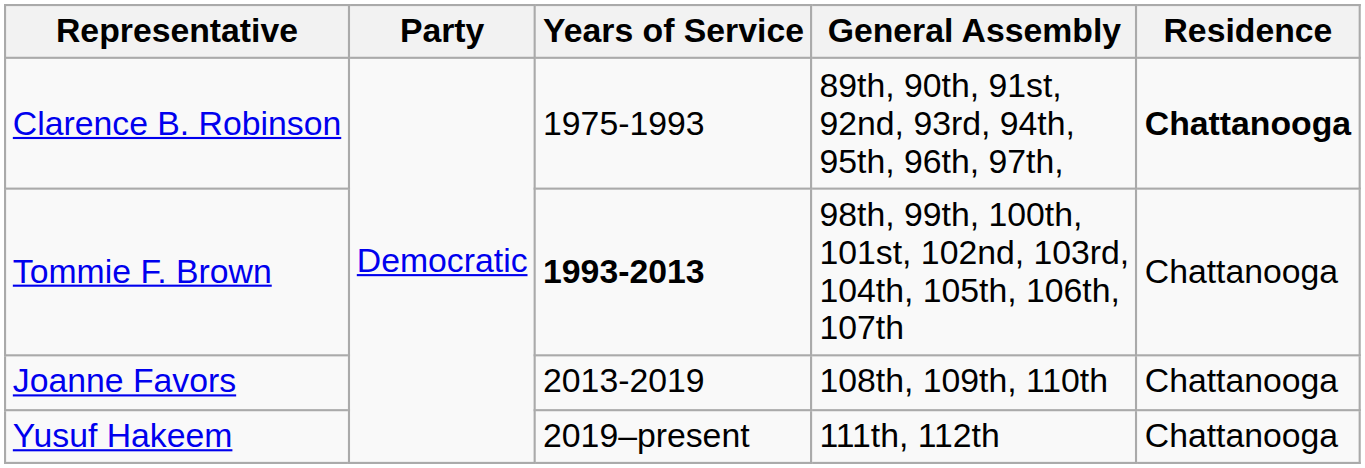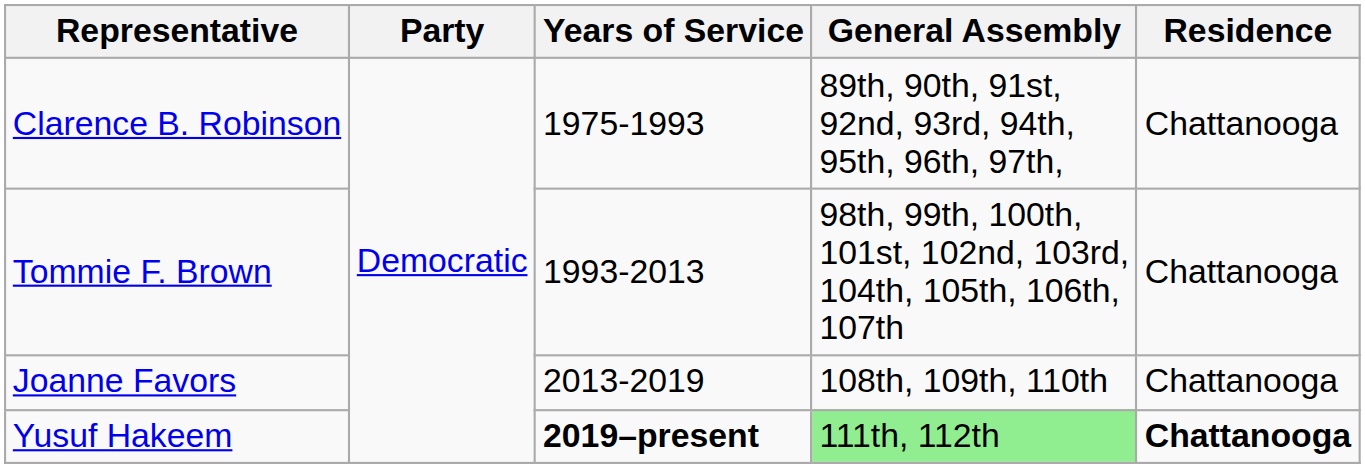 <table class="wikitable">
 <tr>
 <th>Representative</th>
 <th>Party</th>
 <th>Years of Service</th>
 <th>General Assembly</th>
 <th>Residence</th>
 </tr>
 <tr>
 <td><a href='#'>Clarence B. Robinson</a></td>
 <td rowspan="4" ><a href='#'>Democratic</a></td>
 <td>1975-1993</td>
 <td>89th, 90th, 91st,<br>92nd, 93rd, 94th,<br>95th, 96th, 97th,</td>
-<td><strong>Chattanooga</strong></td>
+<td>Chattanooga</td>
 </tr>
 <tr>
 <td><a href='#'>Tommie F. Brown</a></td>
-<td><strong>1993-2013</strong></td>
+<td>1993-2013</td>
 <td>98th, 99th, 100th,<br>101st, 102nd, 103rd,<br>104th, 105th, 106th,<br>107th</td>
 <td>Chattanooga</td>
 </tr>
 <tr>
 <td><a href='#'>Joanne Favors</a></td>
 <td>2013-2019</td>
 <td>108th, 109th, 110th</td>
 <td>Chattanooga</td>
 </tr>
 <tr>
 <td><a href='#'>Yusuf Hakeem</a></td>
-<td>2019–present</td>
-<td>111th, 112th</td>
-<td>Chattanooga</td>
+<td><strong>2019–present</strong></td>
+<td style="background: lightgreen;">111th, 112th</td>
+<td><strong>Chattanooga</strong></td>
 </tr>
 </table>
